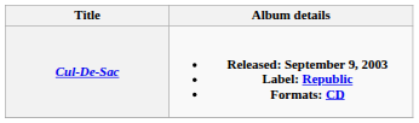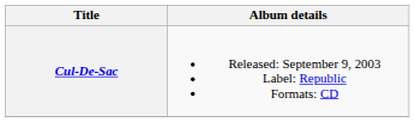 <table class="wikitable plainrowheaders" style="text-align:center;">
 <tr>
 <th scope="col" style="width:12em;">Title</th>
 <th scope="col" style="width:18em;">Album details</th>
 </tr>
 <tr>
 <th scope="row"><em><a href='#'>Cul-De-Sac</a></em></th>
-<td><strong><br><ul><li>Released: September 9, 2003</li><li>Label: <a href='#'>Republic</a></li><li>Formats: <a href='#'>CD</a></li></ul></strong></td>
+<td><br><ul><li>Released: September 9, 2003</li><li>Label: <a href='#'>Republic</a></li><li>Formats: <a href='#'>CD</a></li></ul></td>
 </tr>
 <tr>
 </tr>
 </table>
